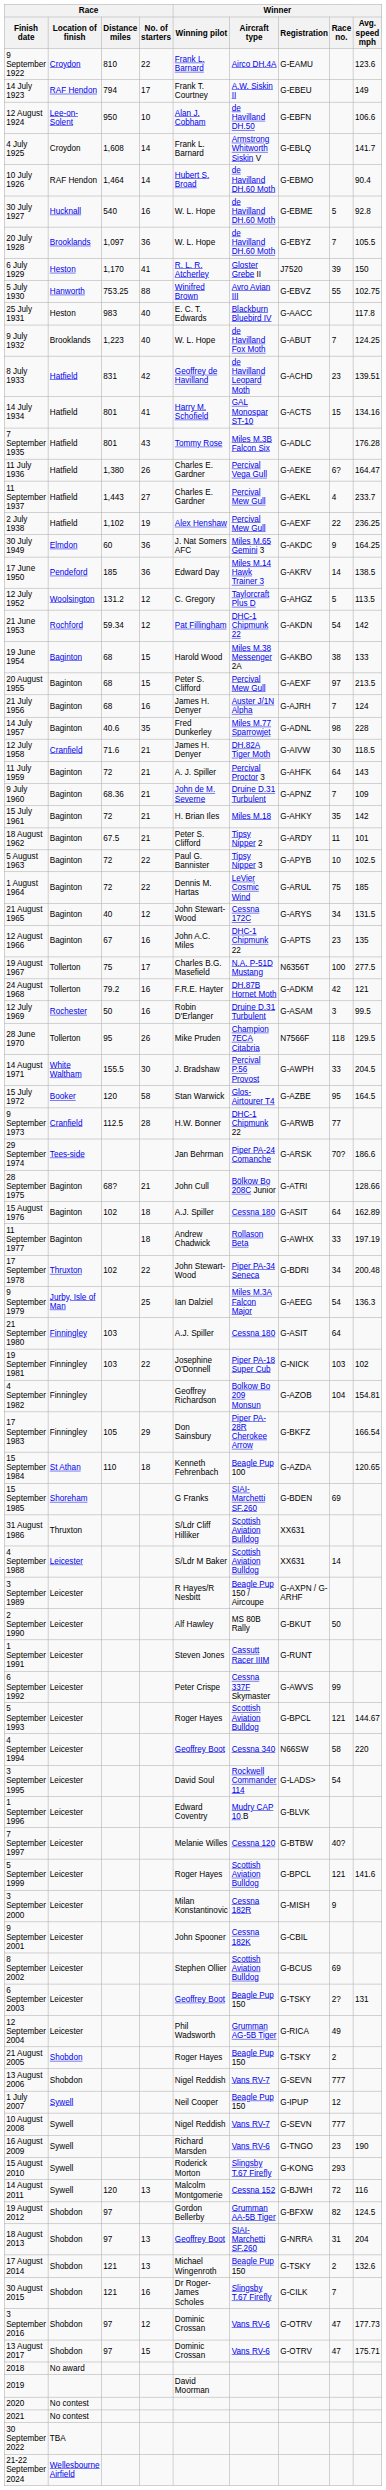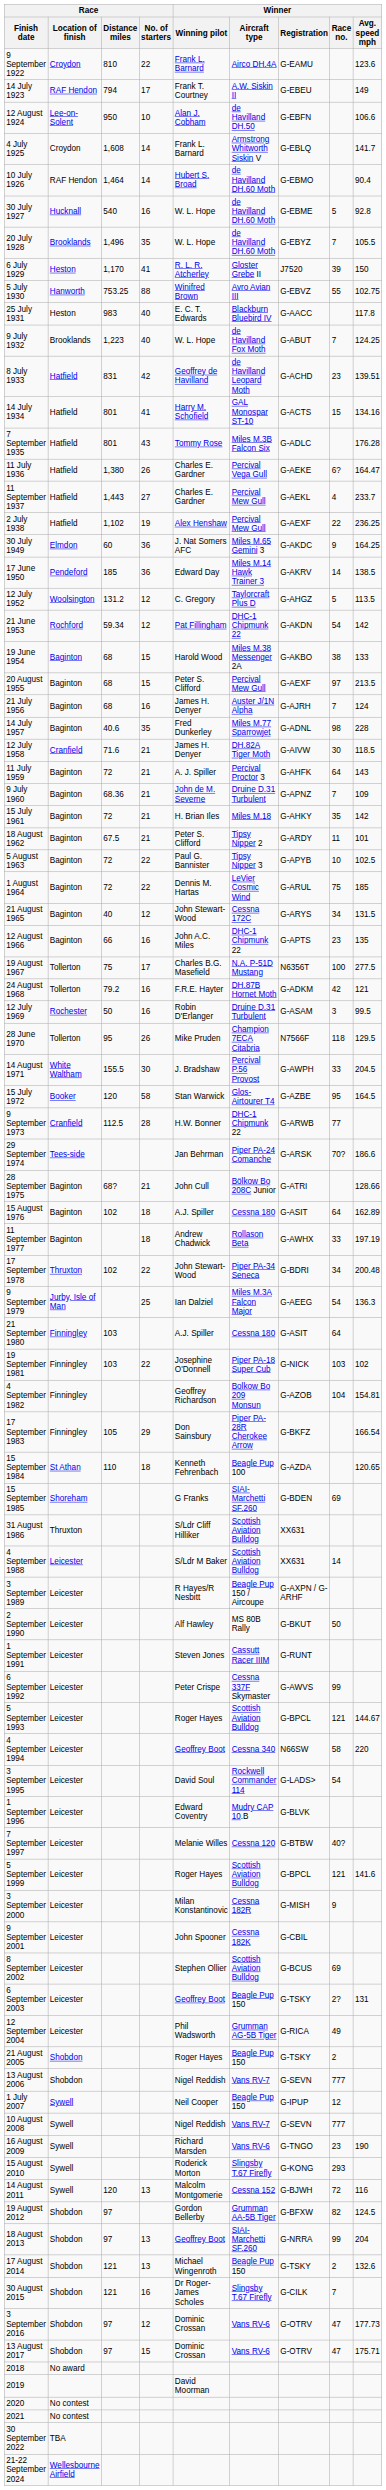 <table class = "wikitable">
 <tr>
 <th colspan=4>Race</th>
 <th colspan=5>Winner</th>
 </tr>
 <tr>
 <th>Finish date</th>
 <th>Location of finish</th>
 <th>Distance<br>miles</th>
 <th>No. of<br>starters<br></th>
 <th>Winning pilot</th>
 <th>Aircraft type</th>
 <th scope="col" style="width:6em;">Registration</th>
 <th>Race<br>no.<br></th>
 <th>Avg.<br>speed<br>mph</th>
 </tr>
 <tr>
 <td>9 September 1922</td>
 <td><a href='#'>Croydon</a></td>
 <td>810</td>
 <td>22</td>
 <td><a href='#'>Frank L. Barnard</a></td>
 <td><a href='#'>Airco DH.4A</a></td>
 <td>G-EAMU</td>
 <td></td>
 <td>123.6</td>
 </tr>
 <tr>
 <td>14 July 1923</td>
 <td><a href='#'>RAF Hendon</a></td>
 <td>794</td>
 <td>17</td>
 <td>Frank T. Courtney</td>
 <td><a href='#'>A.W. Siskin II</a></td>
 <td>G-EBEU</td>
 <td></td>
 <td>149</td>
 </tr>
 <tr>
 <td>12 August 1924</td>
 <td><a href='#'>Lee-on-Solent</a></td>
 <td>950</td>
 <td>10</td>
 <td><a href='#'>Alan J. Cobham</a></td>
 <td><a href='#'>de Havilland DH.50</a></td>
 <td>G-EBFN</td>
 <td></td>
 <td>106.6</td>
 </tr>
 <tr>
 <td>4 July 1925</td>
 <td>Croydon</td>
 <td>1,608</td>
 <td>14</td>
 <td>Frank L. Barnard</td>
 <td><a href='#'>Armstrong Whitworth Siskin</a> V</td>
 <td>G-EBLQ</td>
 <td></td>
 <td>141.7</td>
 </tr>
 <tr>
 <td>10 July 1926</td>
 <td>RAF Hendon</td>
 <td>1,464</td>
 <td>14</td>
 <td><a href='#'>Hubert S. Broad</a></td>
 <td><a href='#'>de Havilland DH.60 Moth</a></td>
 <td>G-EBMO</td>
 <td></td>
 <td>90.4</td>
 </tr>
 <tr>
 <td>30 July 1927</td>
 <td><a href='#'>Hucknall</a></td>
 <td>540</td>
 <td>16</td>
 <td>W. L. Hope</td>
 <td><a href='#'>de Havilland DH.60 Moth</a></td>
 <td>G-EBME</td>
 <td>5</td>
 <td>92.8</td>
 </tr>
 <tr>
 <td>20 July 1928</td>
 <td><a href='#'>Brooklands</a></td>
-<td>1,097</td>
-<td>36</td>
+<td>1,496</td>
+<td>35</td>
 <td>W. L. Hope</td>
 <td><a href='#'>de Havilland DH.60 Moth</a></td>
 <td>G-EBYZ</td>
 <td>7</td>
 <td>105.5</td>
 </tr>
 <tr>
 <td>6 July 1929</td>
 <td><a href='#'>Heston</a></td>
 <td>1,170</td>
 <td>41</td>
 <td><a href='#'>R. L. R. Atcherley</a></td>
 <td><a href='#'>Gloster Grebe</a> II</td>
 <td>J7520</td>
 <td>39</td>
 <td>150</td>
 </tr>
 <tr>
 <td>5 July 1930</td>
 <td><a href='#'>Hanworth</a></td>
 <td>753.25</td>
 <td>88</td>
 <td><a href='#'>Winifred Brown</a></td>
 <td><a href='#'>Avro Avian III</a></td>
 <td>G-EBVZ</td>
 <td>55</td>
 <td>102.75</td>
 </tr>
 <tr>
 <td>25 July 1931</td>
 <td>Heston</td>
 <td>983</td>
 <td>40</td>
 <td>E. C. T. Edwards</td>
 <td><a href='#'>Blackburn Bluebird IV</a></td>
 <td>G-AACC</td>
 <td></td>
 <td>117.8</td>
 </tr>
 <tr>
 <td>9 July 1932</td>
 <td>Brooklands</td>
 <td>1,223</td>
 <td>40</td>
 <td>W. L. Hope</td>
 <td><a href='#'>de Havilland Fox Moth</a></td>
 <td>G-ABUT</td>
 <td>7</td>
 <td>124.25</td>
 </tr>
 <tr>
 <td>8 July 1933</td>
 <td><a href='#'>Hatfield</a></td>
 <td>831</td>
 <td>42</td>
 <td><a href='#'>Geoffrey de Havilland</a></td>
 <td><a href='#'>de Havilland Leopard Moth</a></td>
 <td>G-ACHD</td>
 <td>23</td>
 <td>139.51</td>
 </tr>
 <tr>
 <td>14 July 1934</td>
 <td>Hatfield</td>
 <td>801</td>
 <td>41</td>
 <td><a href='#'>Harry M. Schofield</a></td>
 <td><a href='#'>GAL Monospar ST-10</a></td>
 <td>G-ACTS</td>
 <td>15</td>
 <td>134.16</td>
 </tr>
 <tr>
 <td>7 September 1935</td>
 <td>Hatfield</td>
 <td>801</td>
 <td>43</td>
 <td><a href='#'>Tommy Rose</a></td>
 <td><a href='#'>Miles M.3B Falcon Six</a></td>
 <td>G-ADLC</td>
 <td></td>
 <td>176.28</td>
 </tr>
 <tr>
 <td>11 July 1936</td>
 <td>Hatfield</td>
 <td>1,380</td>
 <td>26</td>
 <td>Charles E. Gardner</td>
 <td><a href='#'>Percival Vega Gull</a></td>
 <td>G-AEKE</td>
 <td>6?</td>
 <td>164.47</td>
 </tr>
 <tr>
 <td>11 September 1937</td>
 <td>Hatfield</td>
 <td>1,443</td>
 <td>27</td>
 <td>Charles E. Gardner</td>
 <td><a href='#'>Percival Mew Gull</a></td>
 <td>G-AEKL</td>
 <td>4</td>
 <td>233.7</td>
 </tr>
 <tr>
 <td>2 July 1938</td>
 <td>Hatfield</td>
 <td>1,102</td>
 <td>19</td>
 <td><a href='#'>Alex Henshaw</a></td>
 <td><a href='#'>Percival Mew Gull</a></td>
 <td>G-AEXF</td>
 <td>22</td>
 <td>236.25</td>
 </tr>
 <tr>
 <td>30 July 1949</td>
 <td><a href='#'>Elmdon</a></td>
 <td>60</td>
 <td>36</td>
 <td>J. Nat Somers AFC</td>
 <td><a href='#'>Miles M.65 Gemini</a> 3</td>
 <td>G-AKDC</td>
 <td>9</td>
 <td>164.25</td>
 </tr>
 <tr>
 <td>17 June 1950</td>
 <td><a href='#'>Pendeford</a></td>
 <td>185</td>
 <td>36</td>
 <td>Edward Day</td>
 <td><a href='#'>Miles M.14 Hawk Trainer 3</a></td>
 <td>G-AKRV</td>
 <td>14</td>
 <td>138.5</td>
 </tr>
 <tr>
 <td>12 July 1952</td>
 <td><a href='#'>Woolsington</a></td>
 <td>131.2</td>
 <td>12</td>
 <td>C. Gregory</td>
 <td><a href='#'>Taylorcraft Plus D</a></td>
 <td>G-AHGZ</td>
 <td>5</td>
 <td>113.5</td>
 </tr>
 <tr>
 <td>21 June 1953</td>
 <td><a href='#'>Rochford</a></td>
 <td>59.34</td>
 <td>12</td>
 <td><a href='#'>Pat Fillingham</a></td>
 <td><a href='#'>DHC-1 Chipmunk 22</a></td>
 <td>G-AKDN</td>
 <td>54</td>
 <td>142</td>
 </tr>
 <tr>
 <td>19 June 1954</td>
 <td><a href='#'>Baginton</a></td>
 <td>68</td>
 <td>15</td>
 <td>Harold Wood</td>
 <td><a href='#'>Miles M.38 Messenger</a> 2A</td>
 <td>G-AKBO</td>
 <td>38</td>
 <td>133</td>
 </tr>
 <tr>
 <td>20 August 1955</td>
 <td>Baginton</td>
 <td>68</td>
 <td>15</td>
 <td>Peter S. Clifford</td>
 <td><a href='#'>Percival Mew Gull</a></td>
 <td>G-AEXF</td>
 <td>97</td>
 <td>213.5</td>
 </tr>
 <tr>
 <td>21 July 1956</td>
 <td>Baginton</td>
 <td>68</td>
 <td>16</td>
 <td>James H. Denyer</td>
 <td><a href='#'>Auster J/1N Alpha</a></td>
 <td>G-AJRH</td>
 <td>7</td>
 <td>124</td>
 </tr>
 <tr>
 <td>14 July 1957</td>
 <td>Baginton</td>
 <td>40.6</td>
 <td>35</td>
 <td>Fred Dunkerley</td>
 <td><a href='#'>Miles M.77 Sparrowjet</a></td>
 <td>G-ADNL</td>
 <td>98</td>
 <td>228</td>
 </tr>
 <tr>
 <td>12 July 1958</td>
 <td><a href='#'>Cranfield</a></td>
 <td>71.6</td>
 <td>21</td>
 <td>James H. Denyer</td>
 <td><a href='#'>DH.82A Tiger Moth</a></td>
 <td>G-AIVW</td>
 <td>30</td>
 <td>118.5</td>
 </tr>
 <tr>
 <td>11 July 1959</td>
 <td>Baginton</td>
 <td>72</td>
 <td>21</td>
 <td>A. J. Spiller</td>
 <td><a href='#'>Percival Proctor</a> 3</td>
 <td>G-AHFK</td>
 <td>64</td>
 <td>143</td>
 </tr>
 <tr>
 <td>9 July 1960</td>
 <td>Baginton</td>
 <td>68.36</td>
 <td>21</td>
 <td><a href='#'>John de M. Severne</a></td>
 <td><a href='#'>Druine D.31 Turbulent</a></td>
 <td>G-APNZ</td>
 <td>7</td>
 <td>109</td>
 </tr>
 <tr>
 <td>15 July 1961</td>
 <td>Baginton</td>
 <td>72</td>
 <td>21</td>
 <td>H. Brian Iles</td>
 <td><a href='#'>Miles M.18</a></td>
 <td>G-AHKY</td>
 <td>35</td>
 <td>142</td>
 </tr>
 <tr>
 <td>18 August 1962</td>
 <td>Baginton</td>
 <td>67.5</td>
 <td>21</td>
 <td>Peter S. Clifford</td>
 <td><a href='#'>Tipsy Nipper</a> 2</td>
 <td>G-ARDY</td>
 <td>11</td>
 <td>101</td>
 </tr>
 <tr>
 <td>5 August 1963</td>
 <td>Baginton</td>
 <td>72</td>
 <td>22</td>
 <td>Paul G. Bannister</td>
 <td><a href='#'>Tipsy Nipper</a> 3</td>
 <td>G-APYB</td>
 <td>10</td>
 <td>102.5</td>
 </tr>
 <tr>
 <td>1 August 1964</td>
 <td>Baginton</td>
 <td>72</td>
 <td>22</td>
 <td>Dennis M. Hartas</td>
 <td><a href='#'>LeVier Cosmic Wind</a></td>
 <td>G-ARUL</td>
 <td>75</td>
 <td>185</td>
 </tr>
 <tr>
 <td>21 August 1965</td>
 <td>Baginton</td>
 <td>40</td>
 <td>12</td>
 <td>John Stewart-Wood</td>
 <td><a href='#'>Cessna 172C</a></td>
 <td>G-ARYS</td>
 <td>34</td>
 <td>131.5</td>
 </tr>
 <tr>
 <td>12 August 1966</td>
 <td>Baginton</td>
-<td>67</td>
+<td>66</td>
 <td>16</td>
 <td>John A.C. Miles</td>
 <td><a href='#'>DHC-1 Chipmunk</a> 22</td>
 <td>G-APTS</td>
 <td>23</td>
 <td>135</td>
 </tr>
 <tr>
 <td>19 August 1967</td>
 <td>Tollerton</td>
 <td>75</td>
 <td>17</td>
 <td>Charles B.G. Masefield</td>
 <td><a href='#'>N.A. P-51D Mustang</a></td>
 <td>N6356T</td>
 <td>100</td>
 <td>277.5</td>
 </tr>
 <tr>
 <td>24 August 1968</td>
 <td>Tollerton</td>
 <td>79.2</td>
 <td>16</td>
 <td>F.R.E. Hayter</td>
 <td><a href='#'>DH.87B Hornet Moth</a></td>
 <td>G-ADKM</td>
 <td>42</td>
 <td>121</td>
 </tr>
 <tr>
 <td>12 July 1969</td>
 <td><a href='#'>Rochester</a></td>
 <td>50</td>
 <td>16</td>
 <td>Robin D'Erlanger</td>
 <td><a href='#'>Druine D.31 Turbulent</a></td>
 <td>G-ASAM</td>
 <td>3</td>
 <td>99.5</td>
 </tr>
 <tr>
 <td>28 June 1970</td>
 <td>Tollerton</td>
 <td>95</td>
 <td>26</td>
 <td>Mike Pruden</td>
 <td><a href='#'>Champion 7ECA Citabria</a></td>
 <td>N7566F</td>
 <td>118</td>
 <td>129.5</td>
 </tr>
 <tr>
 <td>14 August 1971</td>
 <td><a href='#'>White Waltham</a></td>
 <td>155.5</td>
 <td>30</td>
 <td>J. Bradshaw</td>
 <td><a href='#'>Percival P.56 Provost</a></td>
 <td>G-AWPH</td>
 <td>33</td>
 <td>204.5</td>
 </tr>
 <tr>
 <td>15 July 1972</td>
 <td><a href='#'>Booker</a></td>
 <td>120</td>
 <td>58</td>
 <td>Stan Warwick</td>
 <td><a href='#'>Glos-Airtourer T4</a></td>
 <td>G-AZBE</td>
 <td>95</td>
 <td>164.5</td>
 </tr>
 <tr>
 <td>9 September 1973</td>
 <td><a href='#'>Cranfield</a></td>
 <td>112.5</td>
 <td>28</td>
 <td>H.W. Bonner</td>
 <td><a href='#'>DHC-1 Chipmunk</a> 22</td>
 <td>G-ARWB</td>
 <td>77</td>
 <td></td>
 </tr>
 <tr>
 <td>29 September 1974</td>
 <td><a href='#'>Tees-side</a></td>
 <td></td>
 <td></td>
 <td>Jan Behrman</td>
 <td><a href='#'>Piper PA-24 Comanche</a></td>
 <td>G-ARSK</td>
 <td>70?</td>
 <td>186.6</td>
 </tr>
 <tr>
 <td>28 September 1975</td>
 <td>Baginton</td>
 <td>68?</td>
 <td>21</td>
 <td>John Cull</td>
 <td><a href='#'>Bölkow Bo 208C</a> Junior</td>
 <td>G-ATRI</td>
 <td></td>
 <td>128.66</td>
 </tr>
 <tr>
 <td>15 August 1976</td>
 <td>Baginton</td>
 <td>102</td>
 <td>18</td>
 <td>A.J. Spiller</td>
 <td><a href='#'>Cessna 180</a></td>
 <td>G-ASIT</td>
 <td>64</td>
 <td>162.89</td>
 </tr>
 <tr>
 <td>11 September 1977</td>
 <td>Baginton</td>
 <td></td>
 <td>18</td>
 <td>Andrew Chadwick</td>
 <td><a href='#'>Rollason Beta</a></td>
 <td>G-AWHX</td>
 <td>33</td>
 <td>197.19</td>
 </tr>
 <tr>
 <td>17 September 1978</td>
 <td><a href='#'>Thruxton</a></td>
 <td>102</td>
 <td>22</td>
 <td>John Stewart-Wood</td>
 <td><a href='#'>Piper PA-34 Seneca</a></td>
 <td>G-BDRI</td>
 <td>34</td>
 <td>200.48</td>
 </tr>
 <tr>
 <td>9 September 1979</td>
 <td><a href='#'>Jurby, Isle of Man</a></td>
 <td></td>
 <td>25</td>
 <td>Ian Dalziel</td>
 <td><a href='#'>Miles M.3A Falcon Major</a></td>
 <td>G-AEEG</td>
 <td>54</td>
 <td>136.3</td>
 </tr>
 <tr>
 <td>21 September 1980</td>
 <td><a href='#'>Finningley</a></td>
 <td>103</td>
 <td></td>
 <td>A.J. Spiller</td>
 <td><a href='#'>Cessna 180</a></td>
 <td>G-ASIT</td>
 <td>64</td>
 <td></td>
 </tr>
 <tr>
 <td>19 September 1981</td>
 <td>Finningley</td>
 <td>103</td>
 <td>22</td>
 <td>Josephine O'Donnell</td>
 <td><a href='#'>Piper PA-18 Super Cub</a></td>
 <td>G-NICK</td>
 <td>103</td>
 <td>102</td>
 </tr>
 <tr>
 <td>4 September 1982</td>
 <td>Finningley</td>
 <td></td>
 <td></td>
 <td>Geoffrey Richardson</td>
 <td><a href='#'>Bolkow Bo 209 Monsun</a></td>
 <td>G-AZOB</td>
 <td>104</td>
 <td>154.81</td>
 </tr>
 <tr>
 <td>17 September 1983</td>
 <td>Finningley</td>
 <td>105</td>
 <td>29</td>
 <td>Don Sainsbury</td>
 <td><a href='#'>Piper PA-28R Cherokee Arrow</a></td>
 <td>G-BKFZ</td>
 <td></td>
 <td>166.54</td>
 </tr>
 <tr>
 <td>15 September 1984</td>
 <td><a href='#'>St Athan</a></td>
 <td>110</td>
 <td>18</td>
 <td>Kenneth Fehrenbach</td>
 <td><a href='#'>Beagle Pup</a> 100</td>
 <td>G-AZDA</td>
 <td></td>
 <td>120.65</td>
 </tr>
 <tr>
 <td>15 September 1985</td>
 <td><a href='#'>Shoreham</a></td>
 <td></td>
 <td></td>
 <td>G Franks</td>
 <td><a href='#'>SIAI-Marchetti SF.260</a></td>
 <td>G-BDEN</td>
 <td>69</td>
 <td></td>
 </tr>
 <tr>
 <td>31 August 1986</td>
 <td>Thruxton</td>
 <td></td>
 <td></td>
 <td>S/Ldr Cliff Hilliker</td>
 <td><a href='#'>Scottish Aviation Bulldog</a></td>
 <td>XX631</td>
 <td></td>
 <td></td>
 </tr>
 <tr>
 <td>4 September 1988</td>
 <td><a href='#'>Leicester</a></td>
 <td></td>
 <td></td>
 <td>S/Ldr M Baker</td>
 <td><a href='#'>Scottish Aviation Bulldog</a></td>
 <td>XX631</td>
 <td>14</td>
 <td></td>
 </tr>
 <tr>
 <td>3 September 1989</td>
 <td>Leicester</td>
 <td></td>
 <td></td>
 <td>R Hayes/R Nesbitt</td>
 <td><a href='#'>Beagle Pup</a> 150 / Aircoupe</td>
 <td>G-AXPN / G-ARHF</td>
 <td></td>
 <td></td>
 </tr>
 <tr>
 <td>2 September 1990</td>
 <td>Leicester</td>
 <td></td>
 <td></td>
 <td>Alf Hawley</td>
 <td>MS 80B Rally</td>
 <td>G-BKUT</td>
 <td>50</td>
 <td></td>
 </tr>
 <tr>
 <td>1 September 1991</td>
 <td>Leicester</td>
 <td></td>
 <td></td>
 <td>Steven Jones</td>
 <td><a href='#'>Cassutt Racer IIIM</a></td>
 <td>G-RUNT</td>
 <td></td>
 <td></td>
 </tr>
 <tr>
 <td>6 September 1992</td>
 <td>Leicester</td>
 <td></td>
 <td></td>
 <td>Peter Crispe</td>
 <td><a href='#'>Cessna 337F</a> Skymaster</td>
 <td>G-AWVS</td>
 <td>99</td>
 <td></td>
 </tr>
 <tr>
 <td>5 September 1993</td>
 <td>Leicester</td>
 <td></td>
 <td></td>
 <td>Roger Hayes</td>
 <td><a href='#'>Scottish Aviation Bulldog</a></td>
 <td>G-BPCL</td>
 <td>121</td>
 <td>144.67</td>
 </tr>
 <tr>
 <td>4 September 1994</td>
 <td>Leicester</td>
 <td></td>
 <td></td>
 <td><a href='#'>Geoffrey Boot</a></td>
 <td><a href='#'>Cessna 340</a></td>
 <td>N66SW</td>
 <td>58</td>
 <td>220</td>
 </tr>
 <tr>
 <td>3 September 1995</td>
 <td>Leicester</td>
 <td></td>
 <td></td>
 <td>David Soul</td>
 <td><a href='#'>Rockwell Commander 114</a></td>
 <td>G-LADS></td>
 <td>54</td>
 <td></td>
 </tr>
 <tr>
 <td>1 September 1996</td>
 <td>Leicester</td>
 <td></td>
 <td></td>
 <td>Edward Coventry</td>
 <td><a href='#'>Mudry CAP 10</a>.B</td>
 <td>G-BLVK</td>
 <td></td>
 <td></td>
 </tr>
 <tr>
 <td>7 September 1997</td>
 <td>Leicester</td>
 <td></td>
 <td></td>
 <td>Melanie Willes</td>
 <td><a href='#'>Cessna 120</a></td>
 <td>G-BTBW</td>
 <td>40?</td>
 <td></td>
 </tr>
 <tr>
 <td>5 September 1999</td>
 <td>Leicester</td>
 <td></td>
 <td></td>
 <td>Roger Hayes</td>
 <td><a href='#'>Scottish Aviation Bulldog</a></td>
 <td>G-BPCL</td>
 <td>121</td>
 <td>141.6</td>
 </tr>
 <tr>
 <td>3 September 2000</td>
 <td>Leicester</td>
 <td></td>
 <td></td>
 <td>Milan Konstantinovic</td>
 <td><a href='#'>Cessna 182R</a></td>
 <td>G-MISH</td>
 <td>9</td>
 <td></td>
 </tr>
 <tr>
 <td>9 September 2001</td>
 <td>Leicester</td>
 <td></td>
 <td></td>
 <td>John Spooner</td>
 <td><a href='#'>Cessna 182K</a></td>
 <td>G-CBIL</td>
 <td></td>
 <td></td>
 </tr>
 <tr>
 <td>8 September 2002</td>
 <td>Leicester</td>
 <td></td>
 <td></td>
 <td>Stephen Ollier</td>
 <td><a href='#'>Scottish Aviation Bulldog</a></td>
 <td>G-BCUS</td>
 <td>69</td>
 <td></td>
 </tr>
 <tr>
 <td>6 September 2003</td>
 <td>Leicester</td>
 <td></td>
 <td></td>
 <td><a href='#'>Geoffrey Boot</a></td>
 <td><a href='#'>Beagle Pup</a> 150</td>
 <td>G-TSKY</td>
 <td>2?</td>
 <td>131</td>
 </tr>
 <tr>
 <td>12 September 2004</td>
 <td>Leicester</td>
 <td></td>
 <td></td>
 <td>Phil Wadsworth</td>
 <td><a href='#'>Grumman AG-5B Tiger</a></td>
 <td>G-RICA</td>
 <td>49</td>
 <td></td>
 </tr>
 <tr>
 <td>21 August 2005</td>
 <td><a href='#'>Shobdon</a></td>
 <td></td>
 <td></td>
 <td>Roger Hayes</td>
 <td><a href='#'>Beagle Pup</a> 150</td>
 <td>G-TSKY</td>
 <td>2</td>
 <td></td>
 </tr>
 <tr>
 <td>13 August 2006</td>
 <td>Shobdon</td>
 <td></td>
 <td></td>
 <td>Nigel Reddish</td>
 <td><a href='#'>Vans RV-7</a></td>
 <td>G-SEVN</td>
 <td>777</td>
 <td></td>
 </tr>
 <tr>
 <td>1 July 2007</td>
 <td><a href='#'>Sywell</a></td>
 <td></td>
 <td></td>
 <td>Neil Cooper</td>
 <td><a href='#'>Beagle Pup</a> 150</td>
 <td>G-IPUP</td>
 <td>12</td>
 <td></td>
 </tr>
 <tr>
 <td>10 August 2008</td>
 <td>Sywell</td>
 <td></td>
 <td></td>
 <td>Nigel Reddish</td>
 <td><a href='#'>Vans RV-7</a></td>
 <td>G-SEVN</td>
 <td>777</td>
 <td></td>
 </tr>
 <tr>
 <td>16 August 2009</td>
 <td>Sywell</td>
 <td></td>
 <td></td>
 <td>Richard Marsden</td>
 <td><a href='#'>Vans RV-6</a></td>
 <td>G-TNGO</td>
 <td>23</td>
 <td>190</td>
 </tr>
 <tr>
 <td>15 August 2010</td>
 <td>Sywell</td>
 <td></td>
 <td></td>
 <td>Roderick Morton</td>
 <td><a href='#'>Slingsby T.67 Firefly</a></td>
 <td>G-KONG</td>
 <td>293</td>
 <td></td>
 </tr>
 <tr>
 <td>14 August 2011</td>
 <td>Sywell</td>
 <td>120</td>
 <td>13</td>
 <td>Malcolm Montgomerie</td>
 <td><a href='#'>Cessna 152</a></td>
 <td>G-BJWH</td>
 <td>72</td>
 <td>116</td>
 </tr>
 <tr>
 <td>19 August 2012</td>
 <td>Shobdon</td>
 <td>97</td>
 <td></td>
 <td>Gordon Bellerby</td>
 <td><a href='#'>Grumman AA-5B Tiger</a></td>
 <td>G-BFXW</td>
 <td>82</td>
 <td>124.5</td>
 </tr>
 <tr>
 <td>18 August 2013</td>
 <td>Shobdon</td>
 <td>97</td>
 <td>13</td>
 <td><a href='#'>Geoffrey Boot</a></td>
 <td><a href='#'>SIAI-Marchetti SF.260</a></td>
 <td>G-NRRA</td>
-<td>31</td>
+<td>99</td>
 <td>204</td>
 </tr>
 <tr>
 <td>17 August 2014</td>
 <td>Shobdon</td>
 <td>121</td>
 <td>13</td>
 <td>Michael Wingenroth</td>
 <td><a href='#'>Beagle Pup</a> 150</td>
 <td>G-TSKY</td>
 <td>2</td>
 <td>132.6</td>
 </tr>
 <tr>
 <td>30 August 2015</td>
 <td>Shobdon</td>
 <td>121</td>
 <td>16</td>
 <td>Dr Roger-James Scholes</td>
 <td><a href='#'>Slingsby T.67 Firefly</a></td>
 <td>G-CILK</td>
 <td>7</td>
 <td></td>
 </tr>
 <tr>
 <td>3 September 2016</td>
 <td>Shobdon</td>
 <td>97</td>
 <td>12</td>
 <td>Dominic Crossan</td>
 <td><a href='#'>Vans RV-6</a></td>
 <td>G-OTRV</td>
 <td>47</td>
 <td>177.73</td>
 </tr>
 <tr>
 <td>13 August 2017</td>
 <td>Shobdon</td>
 <td>97</td>
 <td>15</td>
 <td>Dominic Crossan</td>
 <td><a href='#'>Vans RV-6</a></td>
 <td>G-OTRV</td>
 <td>47</td>
 <td>175.71</td>
 </tr>
 <tr>
 <td>2018</td>
 <td>No award</td>
 <td></td>
 <td></td>
 <td></td>
 <td></td>
 <td></td>
 <td></td>
 <td></td>
 </tr>
 <tr>
 <td>2019</td>
 <td></td>
 <td></td>
 <td></td>
 <td>David Moorman</td>
 <td></td>
 <td></td>
 <td></td>
 <td></td>
 </tr>
 <tr>
 <td>2020</td>
 <td>No contest</td>
 <td></td>
 <td></td>
 <td></td>
 <td></td>
 <td></td>
 <td></td>
 <td></td>
 </tr>
 <tr>
 <td>2021</td>
 <td>No contest</td>
 <td></td>
 <td></td>
 <td></td>
 <td></td>
 <td></td>
 <td></td>
 <td></td>
 </tr>
 <tr>
 <td>30 September 2022</td>
 <td>TBA</td>
 <td></td>
 <td></td>
 <td></td>
 <td></td>
 <td></td>
 <td></td>
 </tr>
 <tr>
 <td>21-22 September 2024</td>
 <td><a href='#'>Wellesbourne Airfield</a></td>
 <td></td>
 <td></td>
 <td></td>
 <td></td>
 <td></td>
 <td></td>
 <td></td>
 </tr>
 </table>
